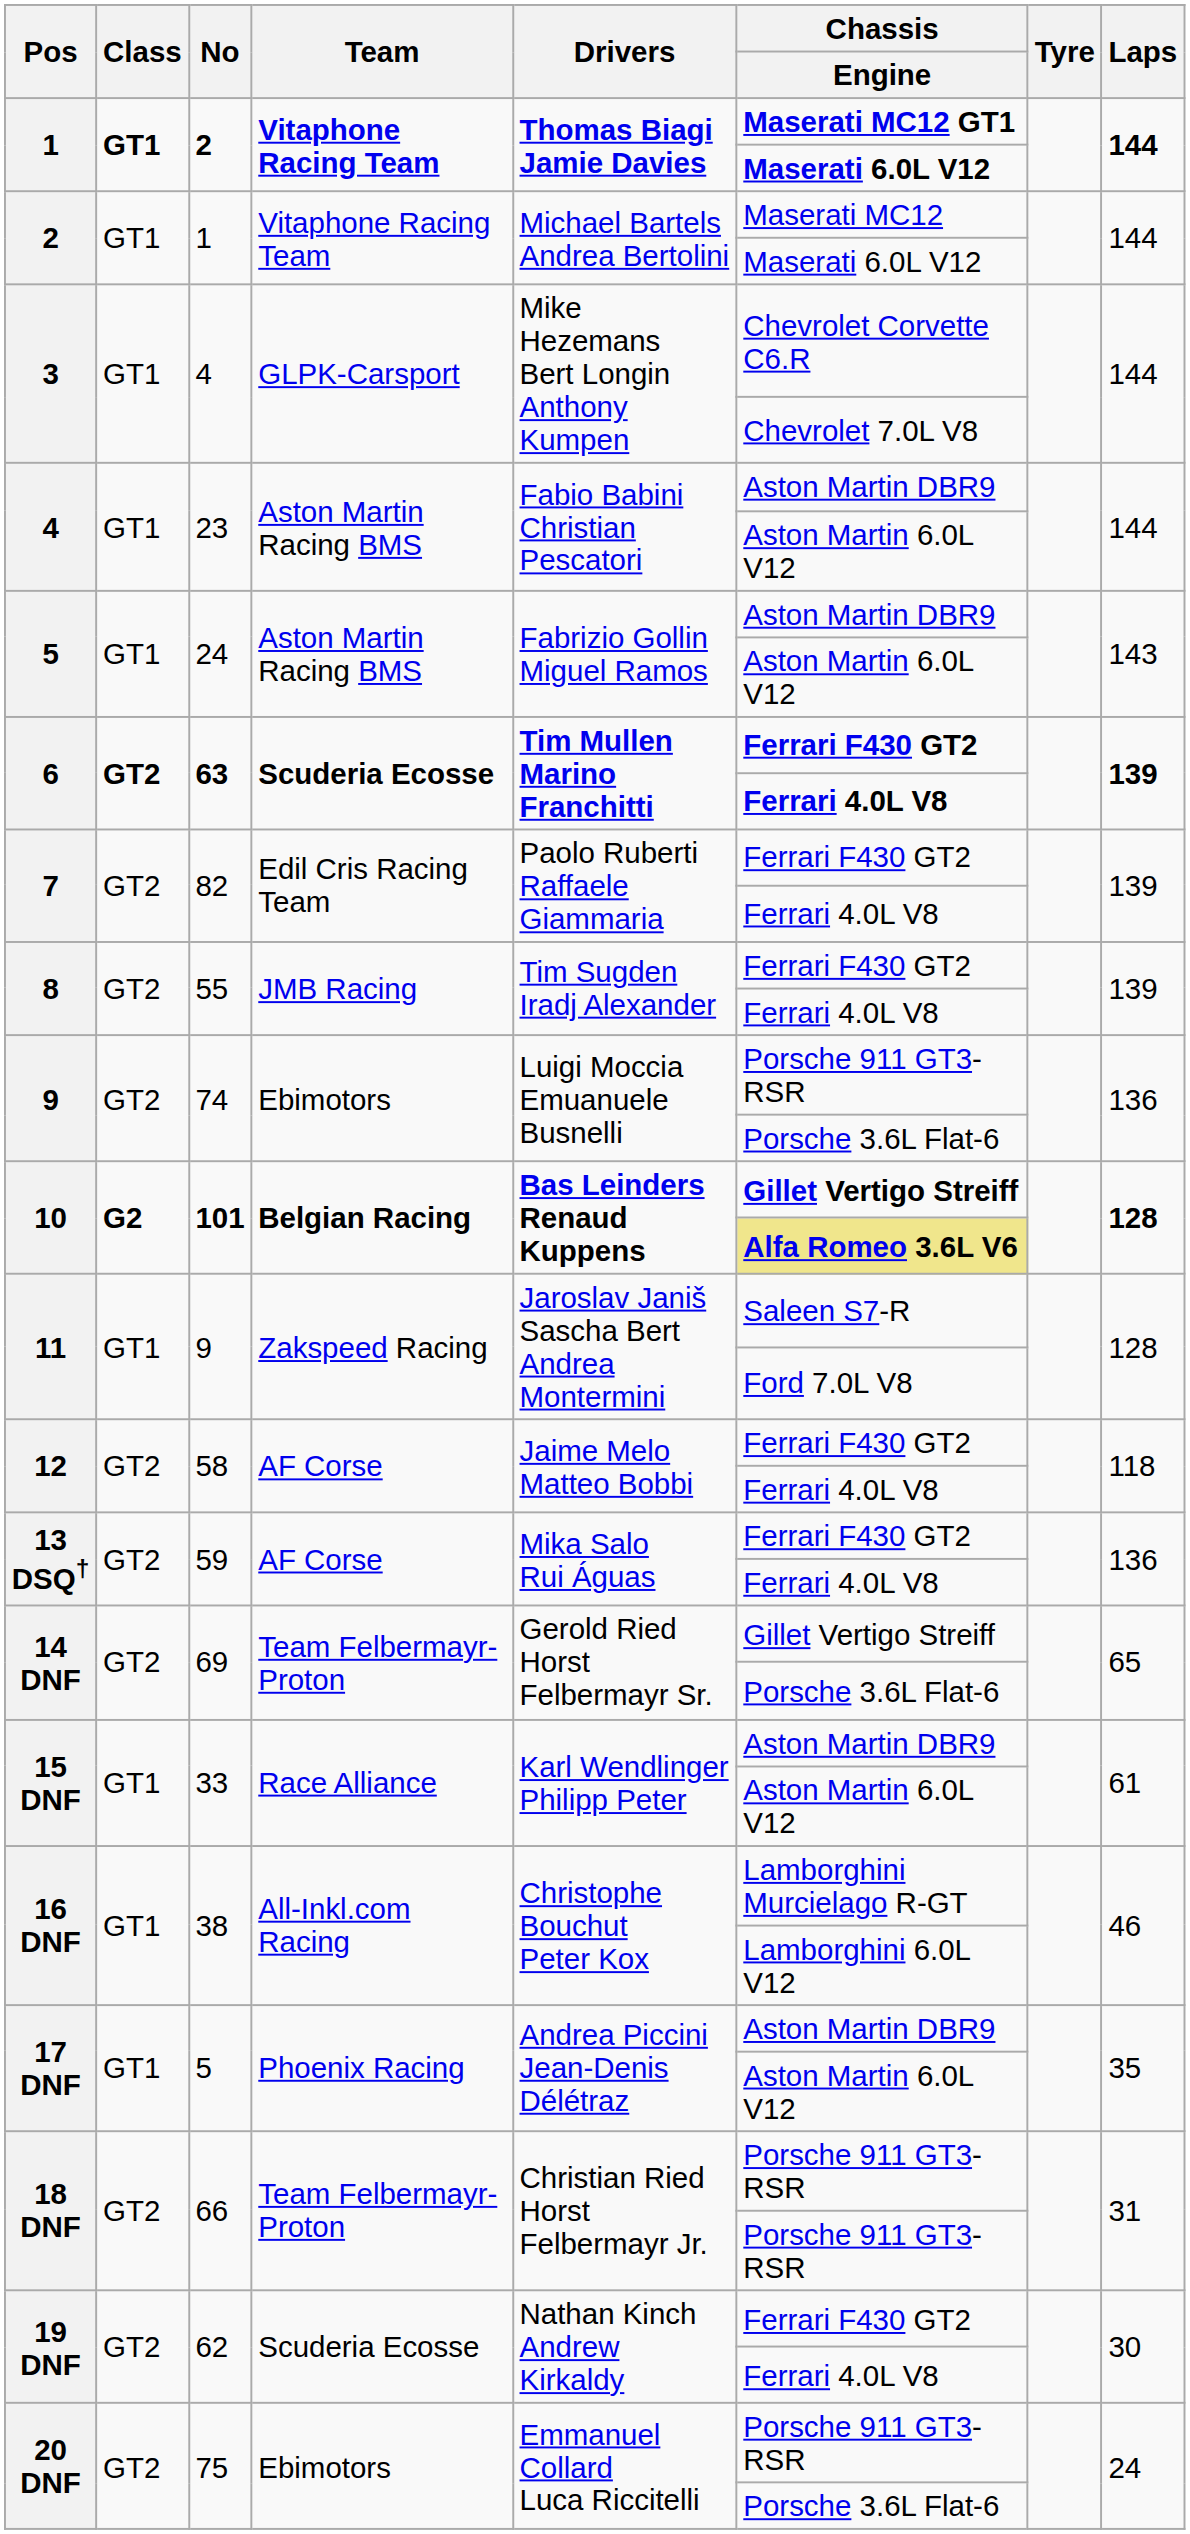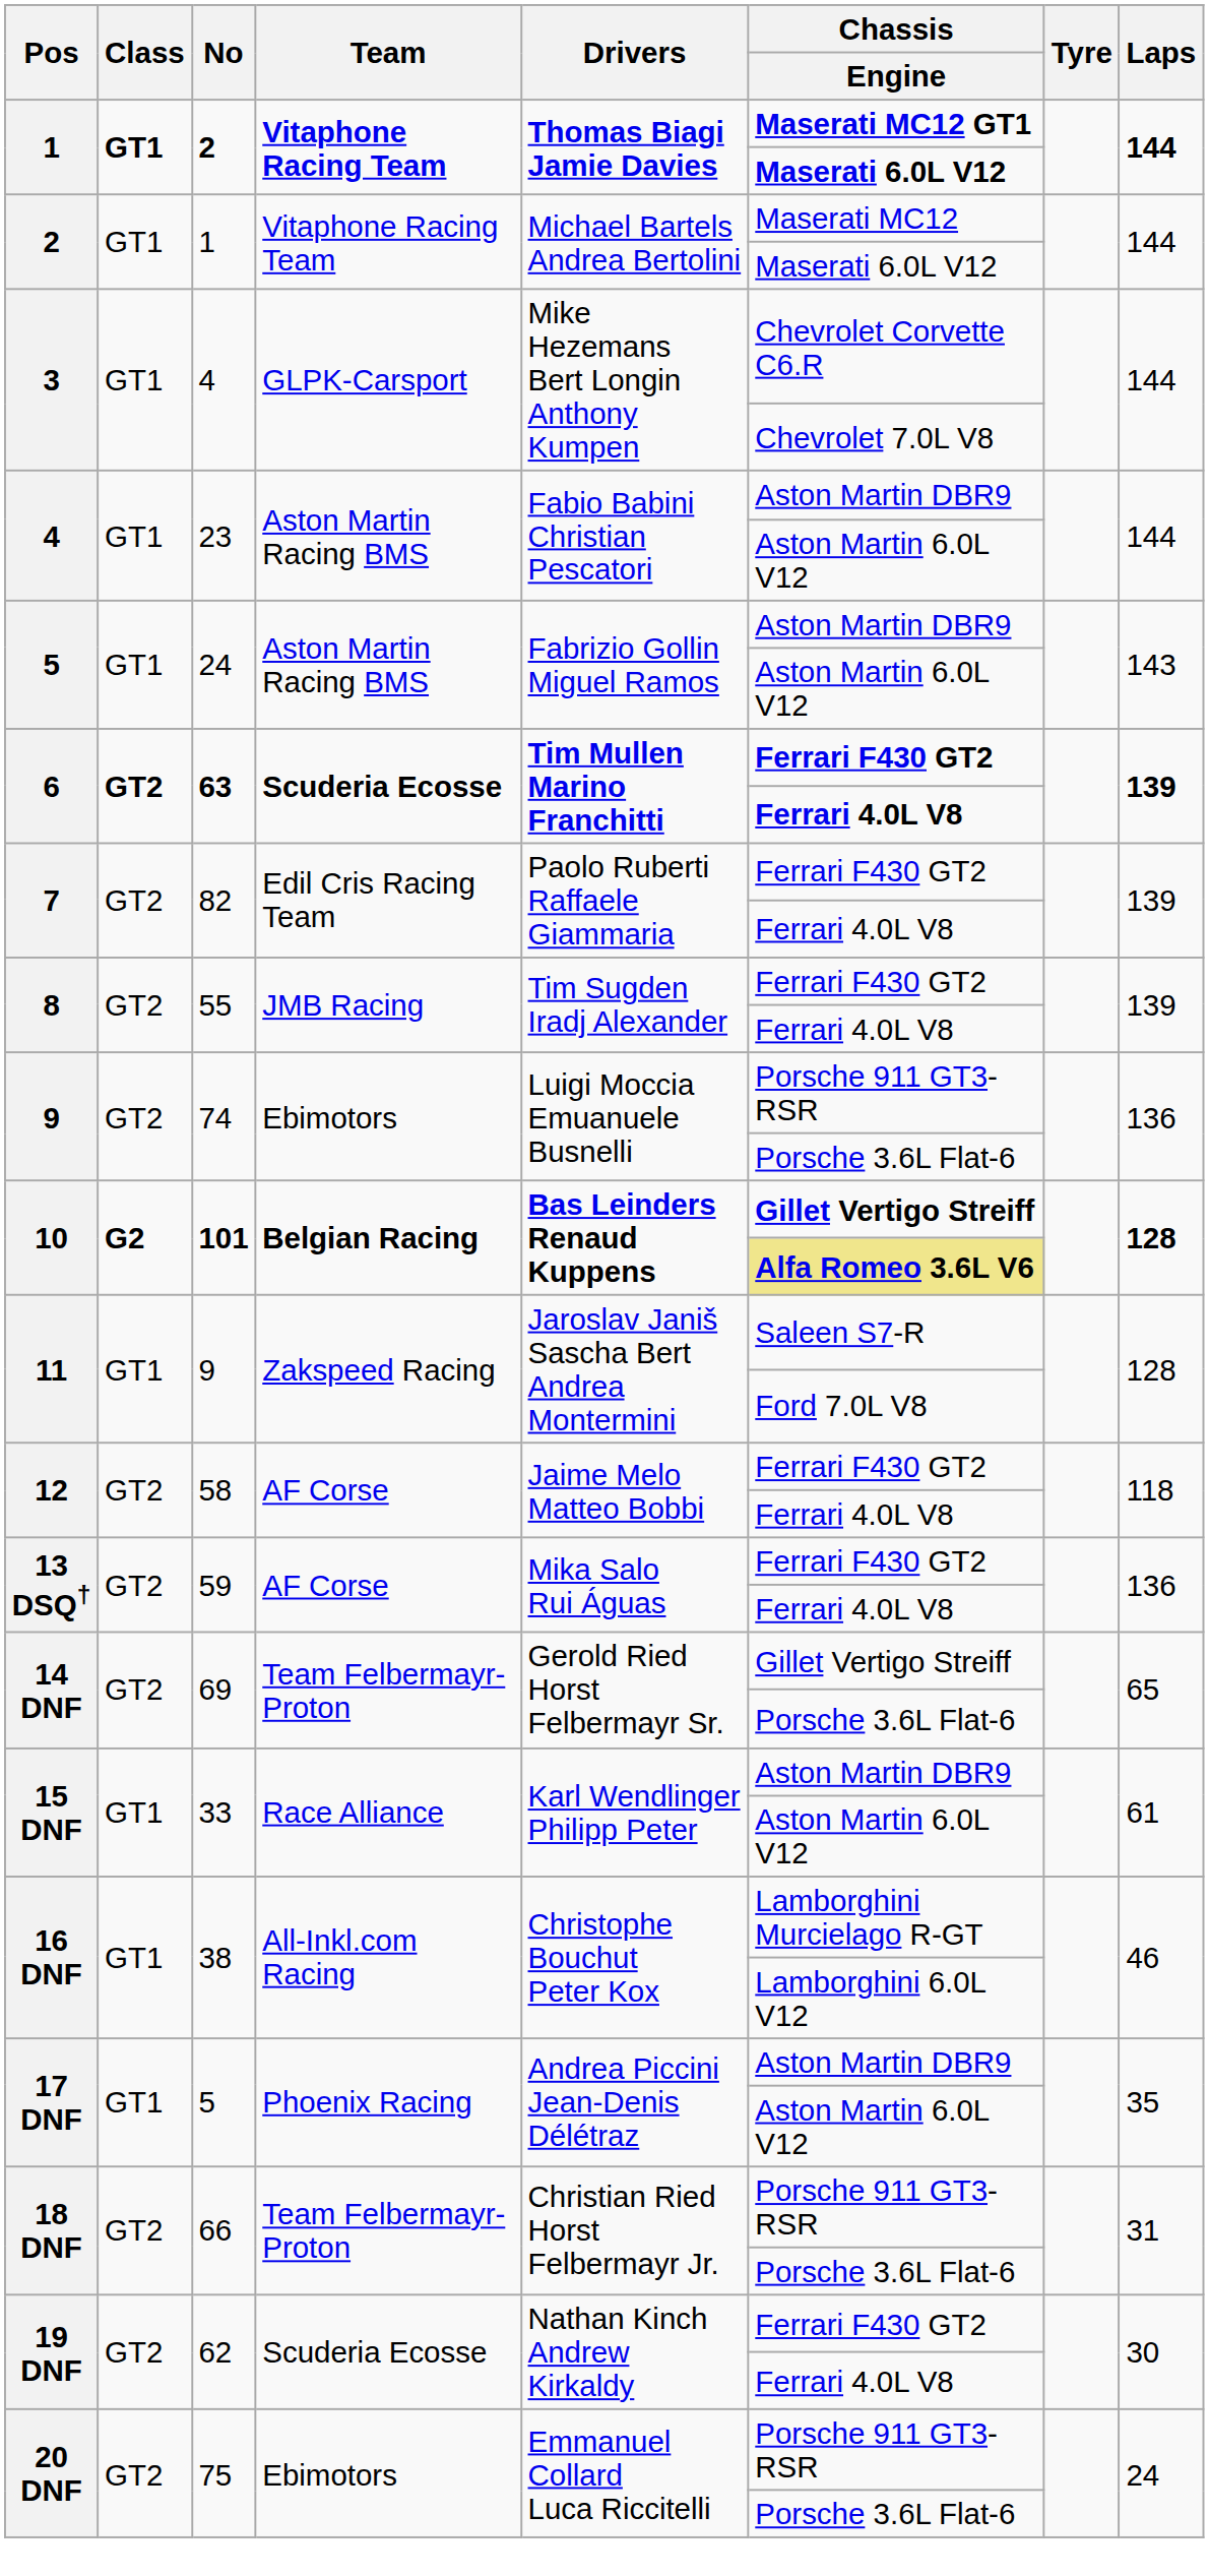 <table class="wikitable" style="font-size: 95%;">
 <tr>
 <th rowspan=2>Pos</th>
 <th rowspan=2>Class</th>
 <th rowspan=2>No</th>
 <th rowspan=2>Team</th>
 <th rowspan=2>Drivers</th>
 <th>Chassis</th>
 <th rowspan=2>Tyre</th>
 <th rowspan=2>Laps</th>
 </tr>
 <tr>
 <th>Engine</th>
 </tr>
 <tr style="font-weight:bold">
 <th rowspan=2>1</th>
 <td rowspan=2>GT1</td>
 <td rowspan=2>2</td>
 <td rowspan=2> <a href='#'>Vitaphone Racing Team</a></td>
 <td rowspan=2> <a href='#'>Thomas Biagi</a><br> <a href='#'>Jamie Davies</a></td>
 <td><a href='#'>Maserati MC12</a> GT1</td>
 <td rowspan=2></td>
 <td rowspan=2>144</td>
 </tr>
 <tr style="font-weight:bold">
 <td><a href='#'>Maserati</a> 6.0L V12</td>
 </tr>
 <tr>
 <th rowspan=2>2</th>
 <td rowspan=2>GT1</td>
 <td rowspan=2>1</td>
 <td rowspan=2> <a href='#'>Vitaphone Racing Team</a></td>
 <td rowspan=2> <a href='#'>Michael Bartels</a><br> <a href='#'>Andrea Bertolini</a></td>
 <td><a href='#'>Maserati MC12</a></td>
 <td rowspan=2></td>
 <td rowspan=2>144</td>
 </tr>
 <tr>
 <td><a href='#'>Maserati</a> 6.0L V12</td>
 </tr>
 <tr>
 <th rowspan=2>3</th>
 <td rowspan=2>GT1</td>
 <td rowspan=2>4</td>
 <td rowspan=2> <a href='#'>GLPK-Carsport</a></td>
 <td rowspan=2> Mike Hezemans<br> Bert Longin<br> <a href='#'>Anthony Kumpen</a></td>
 <td><a href='#'>Chevrolet Corvette C6.R</a></td>
 <td rowspan=2></td>
 <td rowspan=2>144</td>
 </tr>
 <tr>
 <td><a href='#'>Chevrolet</a> 7.0L V8</td>
 </tr>
 <tr>
 <th rowspan=2>4</th>
 <td rowspan=2>GT1</td>
 <td rowspan=2>23</td>
 <td rowspan=2> <a href='#'>Aston Martin</a> Racing <a href='#'>BMS</a></td>
 <td rowspan=2> <a href='#'>Fabio Babini</a><br> <a href='#'>Christian Pescatori</a></td>
 <td><a href='#'>Aston Martin DBR9</a></td>
 <td rowspan=2></td>
 <td rowspan=2>144</td>
 </tr>
 <tr>
 <td><a href='#'>Aston Martin</a> 6.0L V12</td>
 </tr>
 <tr>
 <th rowspan=2>5</th>
 <td rowspan=2>GT1</td>
 <td rowspan=2>24</td>
 <td rowspan=2> <a href='#'>Aston Martin</a> Racing <a href='#'>BMS</a></td>
 <td rowspan=2> <a href='#'>Fabrizio Gollin</a><br> <a href='#'>Miguel Ramos</a></td>
 <td><a href='#'>Aston Martin DBR9</a></td>
 <td rowspan=2></td>
 <td rowspan=2>143</td>
 </tr>
 <tr>
 <td><a href='#'>Aston Martin</a> 6.0L V12</td>
 </tr>
 <tr style="font-weight:bold">
 <th rowspan=2>6</th>
 <td rowspan=2>GT2</td>
 <td rowspan=2>63</td>
 <td rowspan=2> Scuderia Ecosse</td>
 <td rowspan=2> <a href='#'>Tim Mullen</a><br> <a href='#'>Marino Franchitti</a></td>
 <td><a href='#'>Ferrari F430</a> GT2</td>
 <td rowspan=2></td>
 <td rowspan=2>139</td>
 </tr>
 <tr style="font-weight:bold">
 <td><a href='#'>Ferrari</a> 4.0L V8</td>
 </tr>
 <tr>
 <th rowspan=2>7</th>
 <td rowspan=2>GT2</td>
 <td rowspan=2>82</td>
 <td rowspan=2> Edil Cris Racing Team</td>
 <td rowspan=2> Paolo Ruberti<br> <a href='#'>Raffaele Giammaria</a></td>
 <td><a href='#'>Ferrari F430</a> GT2</td>
 <td rowspan=2></td>
 <td rowspan=2>139</td>
 </tr>
 <tr>
 <td><a href='#'>Ferrari</a> 4.0L V8</td>
 </tr>
 <tr>
 <th rowspan=2>8</th>
 <td rowspan=2>GT2</td>
 <td rowspan=2>55</td>
 <td rowspan=2> <a href='#'>JMB Racing</a></td>
 <td rowspan=2> <a href='#'>Tim Sugden</a><br> <a href='#'>Iradj Alexander</a></td>
 <td><a href='#'>Ferrari F430</a> GT2</td>
 <td rowspan=2></td>
 <td rowspan=2>139</td>
 </tr>
 <tr>
 <td><a href='#'>Ferrari</a> 4.0L V8</td>
 </tr>
 <tr>
 <th rowspan=2>9</th>
 <td rowspan=2>GT2</td>
 <td rowspan=2>74</td>
 <td rowspan=2> Ebimotors</td>
 <td rowspan=2> Luigi Moccia<br> Emuanuele Busnelli</td>
 <td><a href='#'>Porsche 911 GT3</a>-RSR</td>
 <td rowspan=2></td>
 <td rowspan=2>136</td>
 </tr>
 <tr>
 <td><a href='#'>Porsche</a> 3.6L Flat-6</td>
 </tr>
 <tr style="font-weight:bold">
 <th rowspan=2>10</th>
 <td rowspan=2>G2</td>
 <td rowspan=2>101</td>
 <td rowspan=2> Belgian Racing</td>
 <td rowspan=2> <a href='#'>Bas Leinders</a><br> Renaud Kuppens</td>
 <td><a href='#'>Gillet</a> Vertigo Streiff</td>
 <td rowspan=2></td>
 <td rowspan=2>128</td>
 </tr>
 <tr style="font-weight:bold">
 <td style="background: khaki;"><a href='#'>Alfa Romeo</a> 3.6L V6</td>
 </tr>
 <tr>
 <th rowspan=2>11</th>
 <td rowspan=2>GT1</td>
 <td rowspan=2>9</td>
 <td rowspan=2> <a href='#'>Zakspeed</a> Racing</td>
 <td rowspan=2> <a href='#'>Jaroslav Janiš</a><br> Sascha Bert<br> <a href='#'>Andrea Montermini</a></td>
 <td><a href='#'>Saleen S7</a>-R</td>
 <td rowspan=2></td>
 <td rowspan=2>128</td>
 </tr>
 <tr>
 <td><a href='#'>Ford</a> 7.0L V8</td>
 </tr>
 <tr>
 <th rowspan=2>12</th>
 <td rowspan=2>GT2</td>
 <td rowspan=2>58</td>
 <td rowspan=2> <a href='#'>AF Corse</a></td>
 <td rowspan=2> <a href='#'>Jaime Melo</a><br> <a href='#'>Matteo Bobbi</a></td>
 <td><a href='#'>Ferrari F430</a> GT2</td>
 <td rowspan=2></td>
 <td rowspan=2>118</td>
 </tr>
 <tr>
 <td><a href='#'>Ferrari</a> 4.0L V8</td>
 </tr>
 <tr>
 <th rowspan=2>13<br>DSQ<sup>†</sup></th>
 <td rowspan=2>GT2</td>
 <td rowspan=2>59</td>
 <td rowspan=2> <a href='#'>AF Corse</a></td>
 <td rowspan=2> <a href='#'>Mika Salo</a><br> <a href='#'>Rui Águas</a></td>
 <td><a href='#'>Ferrari F430</a> GT2</td>
 <td rowspan=2></td>
 <td rowspan=2>136</td>
 </tr>
 <tr>
 <td><a href='#'>Ferrari</a> 4.0L V8</td>
 </tr>
 <tr>
 <th rowspan=2>14<br>DNF</th>
 <td rowspan=2>GT2</td>
 <td rowspan=2>69</td>
 <td rowspan=2> <a href='#'>Team Felbermayr-Proton</a></td>
 <td rowspan=2> Gerold Ried<br> Horst Felbermayr Sr.</td>
 <td><a href='#'>Gillet</a> Vertigo Streiff</td>
 <td rowspan=2></td>
 <td rowspan=2>65</td>
 </tr>
 <tr>
 <td><a href='#'>Porsche</a> 3.6L Flat-6</td>
 </tr>
 <tr>
 <th rowspan=2>15<br>DNF</th>
 <td rowspan=2>GT1</td>
 <td rowspan=2>33</td>
 <td rowspan=2> <a href='#'>Race Alliance</a></td>
 <td rowspan=2> <a href='#'>Karl Wendlinger</a><br> <a href='#'>Philipp Peter</a></td>
 <td><a href='#'>Aston Martin DBR9</a></td>
 <td rowspan=2></td>
 <td rowspan=2>61</td>
 </tr>
 <tr>
 <td><a href='#'>Aston Martin</a> 6.0L V12</td>
 </tr>
 <tr>
 <th rowspan=2>16<br>DNF</th>
 <td rowspan=2>GT1</td>
 <td rowspan=2>38</td>
 <td rowspan=2> <a href='#'>All-Inkl.com Racing</a></td>
 <td rowspan=2> <a href='#'>Christophe Bouchut</a><br> <a href='#'>Peter Kox</a></td>
 <td><a href='#'>Lamborghini Murcielago</a> R-GT</td>
 <td rowspan=2></td>
 <td rowspan=2>46</td>
 </tr>
 <tr>
 <td><a href='#'>Lamborghini</a> 6.0L V12</td>
 </tr>
 <tr>
 <th rowspan=2>17<br>DNF</th>
 <td rowspan=2>GT1</td>
 <td rowspan=2>5</td>
 <td rowspan=2> <a href='#'>Phoenix Racing</a></td>
 <td rowspan=2> <a href='#'>Andrea Piccini</a><br> <a href='#'>Jean-Denis Délétraz</a></td>
 <td><a href='#'>Aston Martin DBR9</a></td>
 <td rowspan=2></td>
 <td rowspan=2>35</td>
 </tr>
 <tr>
 <td><a href='#'>Aston Martin</a> 6.0L V12</td>
 </tr>
 <tr>
 <th rowspan=2>18<br>DNF</th>
 <td rowspan=2>GT2</td>
 <td rowspan=2>66</td>
 <td rowspan=2> <a href='#'>Team Felbermayr-Proton</a></td>
 <td rowspan=2> Christian Ried<br> Horst Felbermayr Jr.</td>
 <td><a href='#'>Porsche 911 GT3</a>-RSR</td>
 <td rowspan=2></td>
 <td rowspan=2>31</td>
 </tr>
 <tr>
-<td><a href='#'>Porsche 911 GT3</a>-RSR</td>
+<td><a href='#'>Porsche</a> 3.6L Flat-6</td>
 </tr>
 <tr>
 <th rowspan=2>19<br>DNF</th>
 <td rowspan=2>GT2</td>
 <td rowspan=2>62</td>
 <td rowspan=2> Scuderia Ecosse</td>
 <td rowspan=2> Nathan Kinch<br> <a href='#'>Andrew Kirkaldy</a></td>
 <td><a href='#'>Ferrari F430</a> GT2</td>
 <td rowspan=2></td>
 <td rowspan=2>30</td>
 </tr>
 <tr>
 <td><a href='#'>Ferrari</a> 4.0L V8</td>
 </tr>
 <tr>
 <th rowspan=2>20<br>DNF</th>
 <td rowspan=2>GT2</td>
 <td rowspan=2>75</td>
 <td rowspan=2> Ebimotors</td>
 <td rowspan=2> <a href='#'>Emmanuel Collard</a><br> Luca Riccitelli</td>
 <td><a href='#'>Porsche 911 GT3</a>-RSR</td>
 <td rowspan=2></td>
 <td rowspan=2>24</td>
 </tr>
 <tr>
 <td><a href='#'>Porsche</a> 3.6L Flat-6</td>
 </tr>
 </table>
